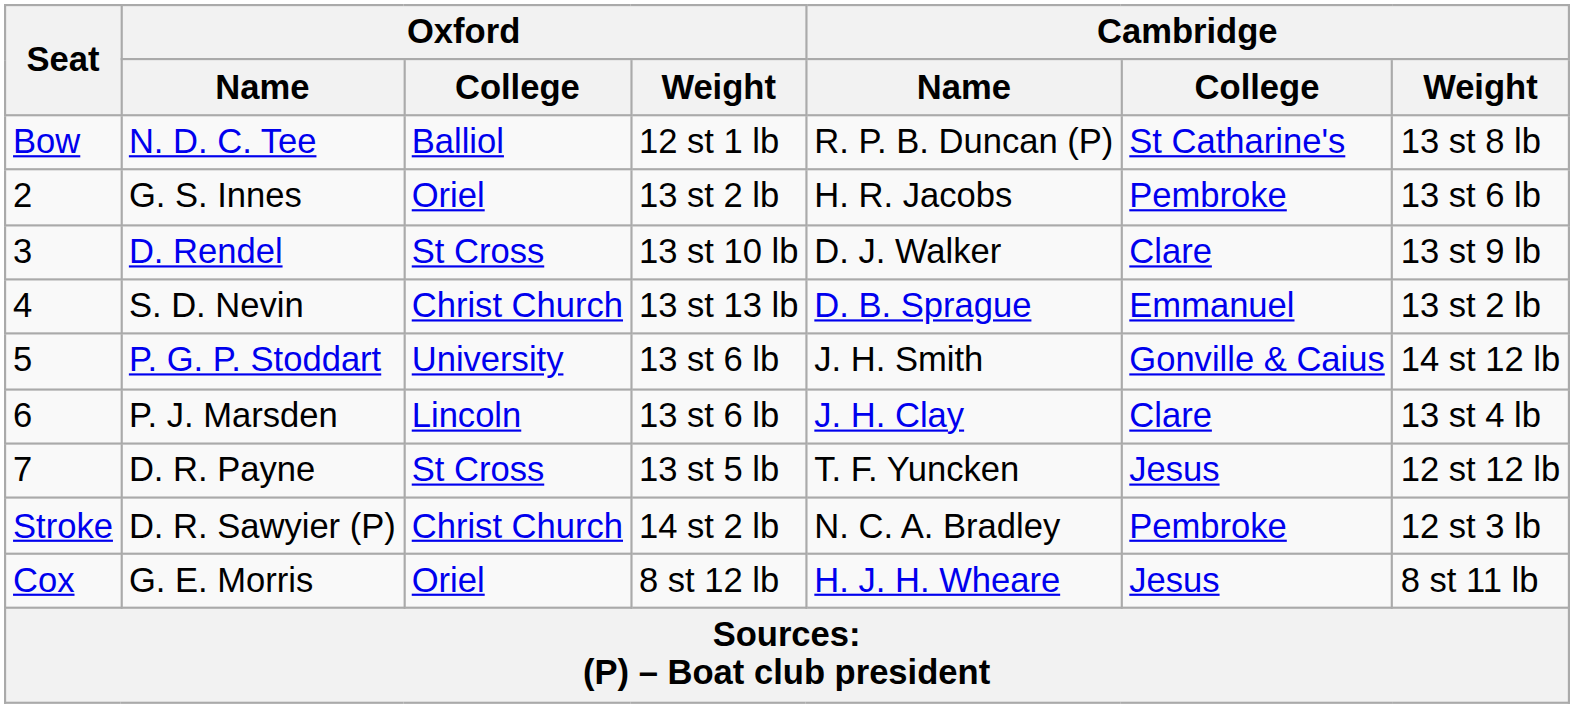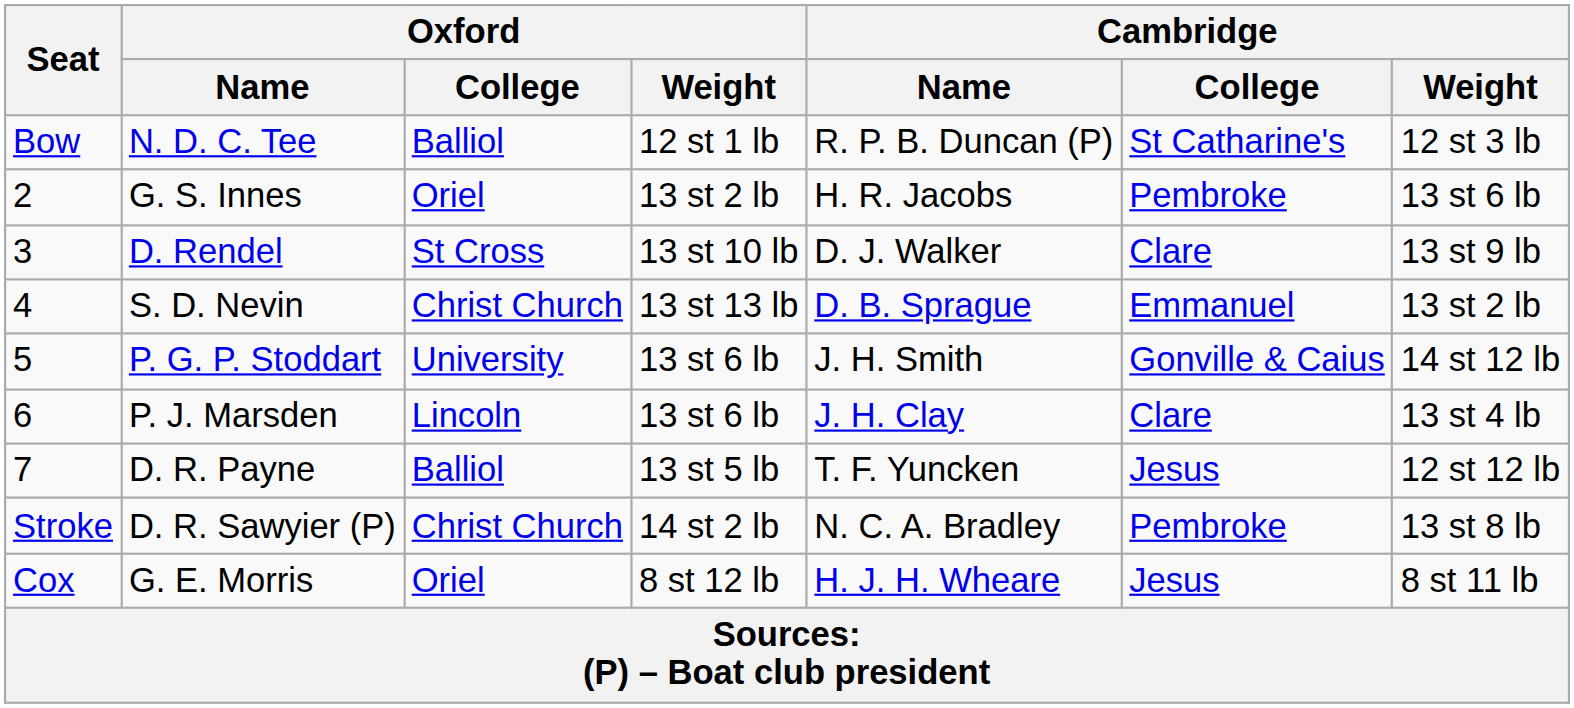 <table class="wikitable">
 <tr>
 <th rowspan="2" scope="col">Seat</th>
 <th colspan="3" scope="col">Oxford <br> </th>
 <th colspan="3" scope="col">Cambridge <br> </th>
 </tr>
 <tr>
 <th>Name</th>
 <th>College</th>
 <th>Weight</th>
 <th>Name</th>
 <th>College</th>
 <th>Weight</th>
 </tr>
 <tr>
 <td><a href='#'>Bow</a></td>
 <td><a href='#'>N. D. C. Tee</a></td>
 <td><a href='#'>Balliol</a></td>
 <td>12 st 1 lb</td>
 <td>R. P. B. Duncan (P)</td>
 <td><a href='#'>St Catharine's</a></td>
-<td>13 st 8 lb</td>
+<td>12 st 3 lb</td>
 </tr>
 <tr>
 <td>2</td>
 <td>G. S. Innes</td>
 <td><a href='#'>Oriel</a></td>
 <td>13 st 2 lb</td>
 <td>H. R. Jacobs</td>
 <td><a href='#'>Pembroke</a></td>
 <td>13 st 6 lb</td>
 </tr>
 <tr>
 <td>3</td>
 <td><a href='#'>D. Rendel</a></td>
 <td><a href='#'>St Cross</a></td>
 <td>13 st 10 lb</td>
 <td>D. J. Walker</td>
 <td><a href='#'>Clare</a></td>
 <td>13 st 9 lb</td>
 </tr>
 <tr>
 <td>4</td>
 <td>S. D. Nevin</td>
 <td><a href='#'>Christ Church</a></td>
 <td>13 st 13 lb</td>
 <td><a href='#'>D. B. Sprague</a></td>
 <td><a href='#'>Emmanuel</a></td>
 <td>13 st 2 lb</td>
 </tr>
 <tr>
 <td>5</td>
 <td><a href='#'>P. G. P. Stoddart</a></td>
 <td><a href='#'>University</a></td>
 <td>13 st 6 lb</td>
 <td>J. H. Smith</td>
 <td><a href='#'>Gonville & Caius</a></td>
 <td>14 st 12 lb</td>
 </tr>
 <tr>
 <td>6</td>
 <td>P. J. Marsden</td>
 <td><a href='#'>Lincoln</a></td>
 <td>13 st 6 lb</td>
 <td><a href='#'>J. H. Clay</a></td>
 <td><a href='#'>Clare</a></td>
 <td>13 st 4 lb</td>
 </tr>
 <tr>
 <td>7</td>
 <td>D. R. Payne</td>
-<td><a href='#'>St Cross</a></td>
+<td><a href='#'>Balliol</a></td>
 <td>13 st 5 lb</td>
 <td>T. F. Yuncken</td>
 <td><a href='#'>Jesus</a></td>
 <td>12 st 12 lb</td>
 </tr>
 <tr>
 <td><a href='#'>Stroke</a></td>
 <td>D. R. Sawyier (P)</td>
 <td><a href='#'>Christ Church</a></td>
 <td>14 st 2 lb</td>
 <td>N. C. A. Bradley</td>
 <td><a href='#'>Pembroke</a></td>
-<td>12 st 3 lb</td>
+<td>13 st 8 lb</td>
 </tr>
 <tr>
 <td><a href='#'>Cox</a></td>
 <td>G. E. Morris</td>
 <td><a href='#'>Oriel</a></td>
 <td>8 st 12 lb</td>
 <td><a href='#'>H. J. H. Wheare</a></td>
 <td><a href='#'>Jesus</a></td>
 <td>8 st 11 lb</td>
 </tr>
 <tr>
 <th colspan="7">Sources:<br>(P) – Boat club president</th>
 </tr>
 </table>
